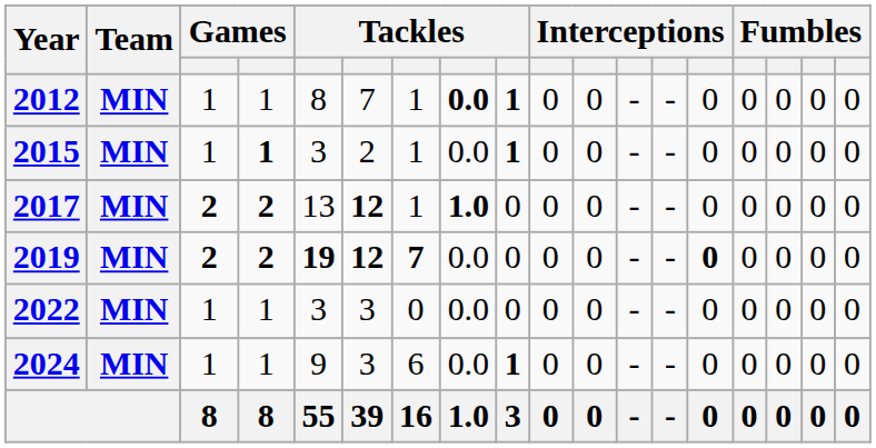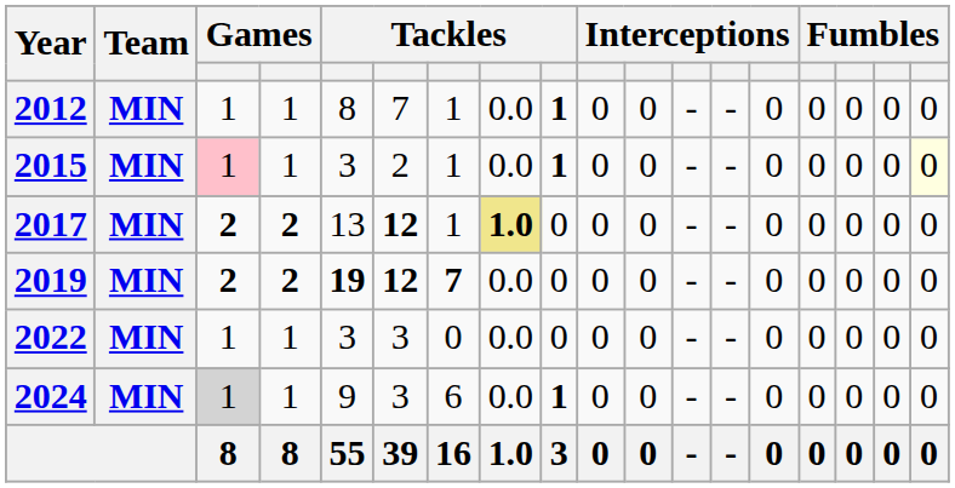 <table class="wikitable" style="text-align: center;">
 <tr>
 <th rowspan="2">Year</th>
 <th rowspan="2">Team</th>
 <th colspan="2">Games</th>
 <th colspan="5">Tackles</th>
 <th colspan="5">Interceptions</th>
 <th colspan="5">Fumbles</th>
 </tr>
 <tr>
 <th></th>
 <th></th>
 <th></th>
 <th></th>
 <th></th>
 <th></th>
 <th></th>
 <th></th>
 <th></th>
 <th></th>
 <th></th>
 <th></th>
 <th></th>
 <th></th>
 <th></th>
 <th></th>
 </tr>
 <tr>
 <th><a href='#'>2012</a></th>
 <th><a href='#'>MIN</a></th>
 <td>1</td>
 <td>1</td>
 <td>8</td>
 <td>7</td>
 <td>1</td>
-<td><strong>0.0</strong></td>
+<td>0.0</td>
 <td><strong>1</strong></td>
 <td>0</td>
 <td>0</td>
 <td>-</td>
 <td>-</td>
 <td>0</td>
 <td>0</td>
 <td>0</td>
 <td>0</td>
 <td>0</td>
 </tr>
 <tr>
 <th><a href='#'>2015</a></th>
 <th><a href='#'>MIN</a></th>
+<td style="background: pink;">1</td>
 <td>1</td>
-<td><strong>1</strong></td>
 <td>3</td>
 <td>2</td>
 <td>1</td>
 <td>0.0</td>
 <td><strong>1</strong></td>
 <td>0</td>
 <td>0</td>
 <td>-</td>
 <td>-</td>
 <td>0</td>
 <td>0</td>
 <td>0</td>
 <td>0</td>
-<td>0</td>
+<td style="background: lightyellow;">0</td>
 </tr>
 <tr>
 <th><a href='#'>2017</a></th>
 <th><a href='#'>MIN</a></th>
 <td><strong>2</strong></td>
 <td><strong>2</strong></td>
 <td>13</td>
 <td><strong>12</strong></td>
 <td>1</td>
-<td><strong>1.0</strong></td>
+<td style="background: khaki;"><strong>1.0</strong></td>
 <td>0</td>
 <td>0</td>
 <td>0</td>
 <td>-</td>
 <td>-</td>
 <td>0</td>
 <td>0</td>
 <td>0</td>
 <td>0</td>
 <td>0</td>
 </tr>
 <tr>
 <th><a href='#'>2019</a></th>
 <th><a href='#'>MIN</a></th>
 <td><strong>2</strong></td>
 <td><strong>2</strong></td>
 <td><strong>19</strong></td>
 <td><strong>12</strong></td>
 <td><strong>7</strong></td>
 <td>0.0</td>
 <td>0</td>
 <td>0</td>
 <td>0</td>
 <td>-</td>
 <td>-</td>
-<td><strong>0</strong></td>
+<td>0</td>
 <td>0</td>
 <td>0</td>
 <td>0</td>
 <td>0</td>
 </tr>
 <tr>
 <th><a href='#'>2022</a></th>
 <th><a href='#'>MIN</a></th>
 <td>1</td>
 <td>1</td>
 <td>3</td>
 <td>3</td>
 <td>0</td>
 <td>0.0</td>
 <td>0</td>
 <td>0</td>
 <td>0</td>
 <td>-</td>
 <td>-</td>
 <td>0</td>
 <td>0</td>
 <td>0</td>
 <td>0</td>
 <td>0</td>
 </tr>
 <tr>
 <th><a href='#'>2024</a></th>
 <th><a href='#'>MIN</a></th>
-<td>1</td>
+<td style="background: lightgrey;">1</td>
 <td>1</td>
 <td>9</td>
 <td>3</td>
 <td>6</td>
 <td>0.0</td>
 <td><strong>1</strong></td>
 <td>0</td>
 <td>0</td>
 <td>-</td>
 <td>-</td>
 <td>0</td>
 <td>0</td>
 <td>0</td>
 <td>0</td>
 <td>0</td>
 </tr>
 <tr>
 <th colspan="2"></th>
 <th>8</th>
 <th>8</th>
 <th>55</th>
 <th>39</th>
 <th>16</th>
 <th>1.0</th>
 <th>3</th>
 <th>0</th>
 <th>0</th>
 <th>-</th>
 <th>-</th>
 <th>0</th>
 <th>0</th>
 <th>0</th>
 <th>0</th>
 <th>0</th>
 </tr>
 </table>
